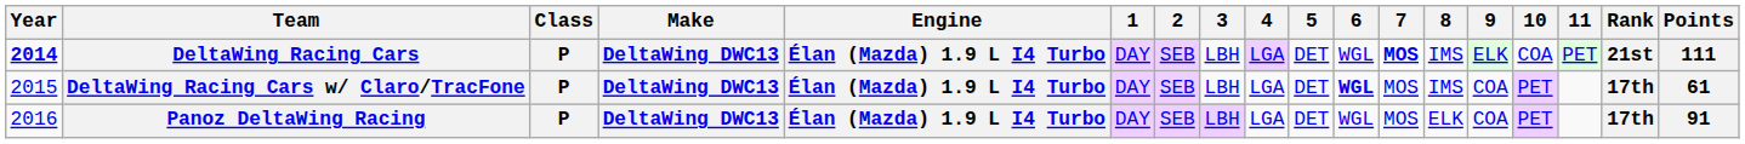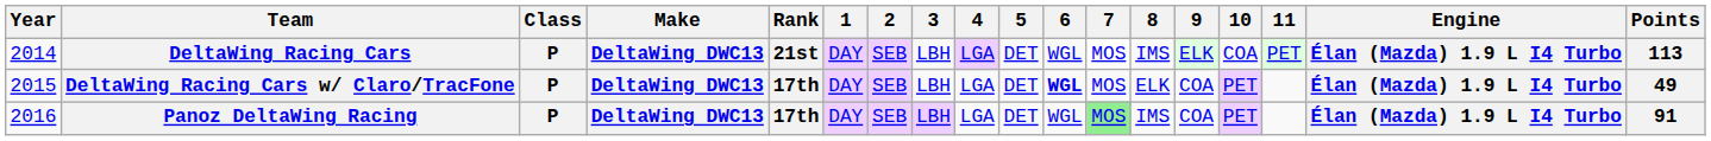 <table class="wikitable" style="text-align:center; font-size:90%">
 <tr>
 <th>Year</th>
 <th>Team</th>
 <th>Class</th>
 <th>Make</th>
-<th>Engine</th>
+<th>Rank</th>
 <th>1</th>
 <th>2</th>
 <th>3</th>
 <th>4</th>
 <th>5</th>
 <th>6</th>
 <th>7</th>
 <th>8</th>
 <th>9</th>
 <th>10</th>
 <th>11</th>
-<th>Rank</th>
+<th>Engine</th>
 <th>Points</th>
 </tr>
 <tr>
-<td><strong><a href='#'>2014</a></strong></td>
+<td><a href='#'>2014</a></td>
 <th><a href='#'>DeltaWing Racing Cars</a></th>
 <th>P</th>
 <th><a href='#'>DeltaWing DWC13</a></th>
-<th><a href='#'>Élan</a> (<a href='#'>Mazda</a>) 1.9 L <a href='#'>I4</a> <a href='#'>Turbo</a></th>
+<th>21st</th>
 <td style="background:#EFCFFF;"><a href='#'>DAY</a><br></td>
 <td style="background:#EFCFFF;"><a href='#'>SEB</a><br></td>
 <td><a href='#'>LBH</a></td>
 <td style="background:#EFCFFF;"><a href='#'>LGA</a><br></td>
 <td><a href='#'>DET</a></td>
 <td><a href='#'>WGL</a><br></td>
-<td style="background:#FFFFFF;"><strong><a href='#'>MOS</a><br></strong></td>
+<td style="background:#FFFFFF;"><a href='#'>MOS</a><br></td>
 <td><a href='#'>IMS</a></td>
 <td style="background:#DFFFDF;"><a href='#'>ELK</a><br></td>
 <td><a href='#'>COA</a></td>
 <td style="background:#DFFFDF;"><a href='#'>PET</a><br></td>
-<th>21st</th>
-<th>111</th>
+<th><a href='#'>Élan</a> (<a href='#'>Mazda</a>) 1.9 L <a href='#'>I4</a> <a href='#'>Turbo</a></th>
+<th>113</th>
 </tr>
 <tr>
 <td><a href='#'>2015</a></td>
 <th><a href='#'>DeltaWing Racing Cars</a> w/ <a href='#'>Claro</a>/<a href='#'>TracFone</a></th>
 <th>P</th>
 <th><a href='#'>DeltaWing DWC13</a></th>
-<th><a href='#'>Élan</a> (<a href='#'>Mazda</a>) 1.9 L <a href='#'>I4</a> <a href='#'>Turbo</a></th>
+<th>17th</th>
 <td style="background:#EFCFFF;"><a href='#'>DAY</a><br></td>
 <td style="background:#EFCFFF;"><a href='#'>SEB</a><br></td>
 <td><a href='#'>LBH</a><br></td>
 <td><a href='#'>LGA</a><br></td>
 <td><a href='#'>DET</a></td>
 <td><strong><a href='#'>WGL</a><br></strong></td>
 <td><a href='#'>MOS</a><br></td>
-<td><a href='#'>IMS</a></td>
+<td><a href='#'>ELK</a><br></td>
 <td><a href='#'>COA</a><br></td>
 <td style="background:#EFCFFF;"><a href='#'>PET</a><br></td>
 <td></td>
-<th>17th</th>
-<th>61</th>
+<th><a href='#'>Élan</a> (<a href='#'>Mazda</a>) 1.9 L <a href='#'>I4</a> <a href='#'>Turbo</a></th>
+<th>49</th>
 </tr>
 <tr>
 <td><a href='#'>2016</a></td>
 <th><a href='#'>Panoz DeltaWing Racing</a></th>
 <th>P</th>
 <th><a href='#'>DeltaWing DWC13</a></th>
-<th><a href='#'>Élan</a> (<a href='#'>Mazda</a>) 1.9 L <a href='#'>I4</a> <a href='#'>Turbo</a></th>
+<th>17th</th>
 <td style="background:#EFCFFF;"><a href='#'>DAY</a><br></td>
 <td style="background:#EFCFFF;"><a href='#'>SEB</a><br></td>
 <td style="background:#EFCFFF;"><a href='#'>LBH</a><br></td>
 <td><a href='#'>LGA</a><br></td>
 <td><a href='#'>DET</a><br></td>
 <td><a href='#'>WGL</a><br></td>
-<td><a href='#'>MOS</a><br></td>
-<td><a href='#'>ELK</a><br></td>
+<td style="background: lightgreen;"><a href='#'>MOS</a><br></td>
+<td><a href='#'>IMS</a></td>
 <td><a href='#'>COA</a><br></td>
 <td style="background:#EFCFFF;"><a href='#'>PET</a><br></td>
 <td></td>
-<th>17th</th>
+<th><a href='#'>Élan</a> (<a href='#'>Mazda</a>) 1.9 L <a href='#'>I4</a> <a href='#'>Turbo</a></th>
 <th>91</th>
 </tr>
 </table>
